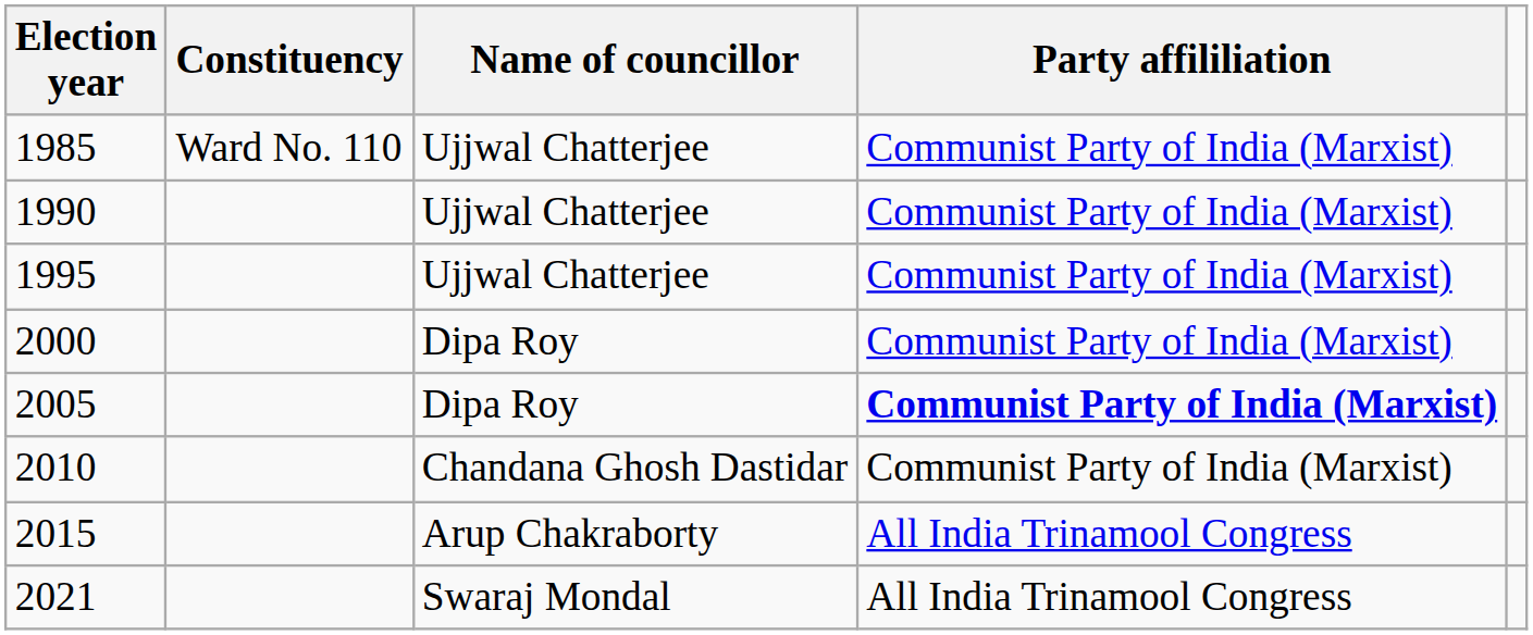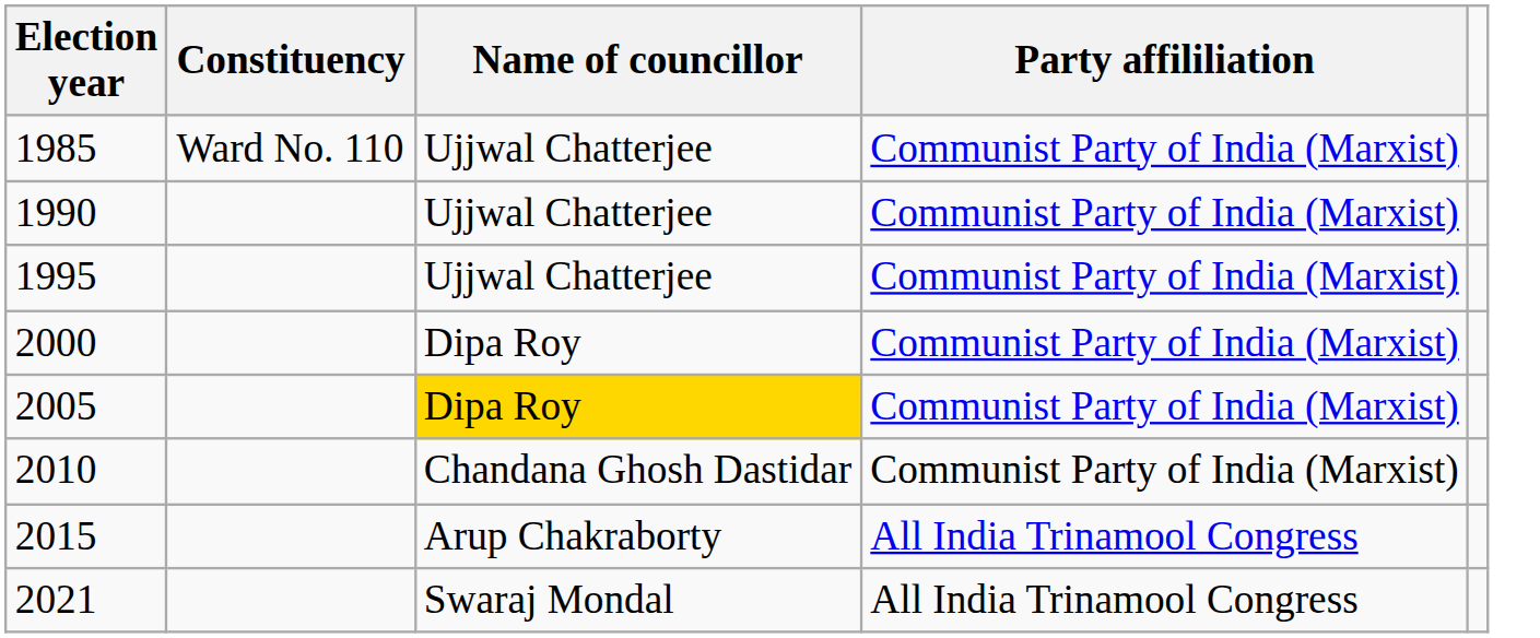 <table class="wikitable"ìÍĦĤĠčw>
 <tr>
 <th>Election<br> year</th>
 <th>Constituency</th>
 <th>Name of councillor</th>
 <th>Party affililiation</th>
 </tr>
 <tr>
 <td>1985</td>
 <td>Ward No. 110</td>
 <td>Ujjwal Chatterjee</td>
 <td><a href='#'>Communist Party of India (Marxist)</a></td>
 <td></td>
 </tr>
 <tr>
 <td>1990</td>
 <td></td>
 <td>Ujjwal Chatterjee</td>
 <td><a href='#'>Communist Party of India (Marxist)</a></td>
 <td></td>
 </tr>
 <tr>
 <td>1995</td>
 <td></td>
 <td>Ujjwal Chatterjee</td>
 <td><a href='#'>Communist Party of India (Marxist)</a></td>
 <td></td>
 </tr>
 <tr>
 <td>2000</td>
 <td></td>
 <td>Dipa Roy</td>
 <td><a href='#'>Communist Party of India (Marxist)</a></td>
 <td></td>
 </tr>
 <tr>
 <td>2005</td>
 <td></td>
-<td>Dipa Roy</td>
-<td><strong><a href='#'>Communist Party of India (Marxist)</a></strong></td>
+<td style="background: gold;">Dipa Roy</td>
+<td><a href='#'>Communist Party of India (Marxist)</a></td>
 <td></td>
 </tr>
 <tr>
 <td>2010</td>
 <td></td>
 <td>Chandana Ghosh Dastidar</td>
 <td>Communist Party of India (Marxist)</td>
 <td></td>
 </tr>
 <tr>
 <td>2015</td>
 <td></td>
 <td>Arup Chakraborty</td>
 <td><a href='#'>All India Trinamool Congress</a></td>
 <td></td>
 </tr>
 <tr>
 <td>2021</td>
 <td></td>
 <td>Swaraj Mondal</td>
 <td>All India Trinamool Congress</td>
 <td></td>
 </tr>
 </table>
